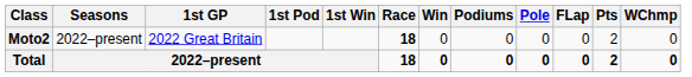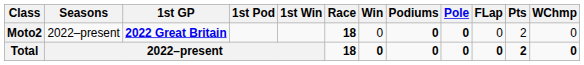 <table class="wikitable" style=text-align:right>
 <tr>
 <th>Class</th>
 <th>Seasons</th>
 <th>1st GP</th>
 <th>1st Pod</th>
 <th>1st Win</th>
 <th>Race</th>
 <th>Win</th>
 <th>Podiums</th>
 <th><a href='#'>Pole</a></th>
 <th>FLap</th>
 <th>Pts</th>
 <th>WChmp</th>
 </tr>
 <tr>
 <th>Moto2</th>
 <td>2022–present</td>
-<td align="left"><a href='#'>2022 Great Britain</a></td>
+<td align="left"><strong><a href='#'>2022 Great Britain</a></strong></td>
 <td></td>
 <td></td>
 <td><strong>18</strong></td>
 <td>0</td>
-<td>0</td>
-<td>0</td>
+<td><strong>0</strong></td>
+<td><strong>0</strong></td>
 <td>0</td>
 <td>2</td>
 <td>0</td>
 </tr>
 <tr>
 <th>Total</th>
 <th colspan=4>2022–present</th>
 <td><strong>18</strong></td>
 <td><strong>0</strong></td>
 <td><strong>0</strong></td>
 <td><strong>0</strong></td>
 <td><strong>0</strong></td>
 <td><strong>2</strong></td>
 <td><strong>0</strong></td>
 </tr>
 </table>
